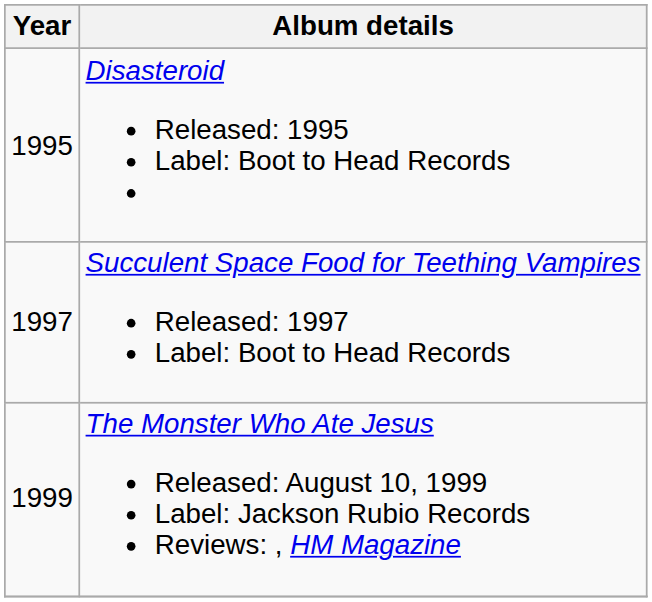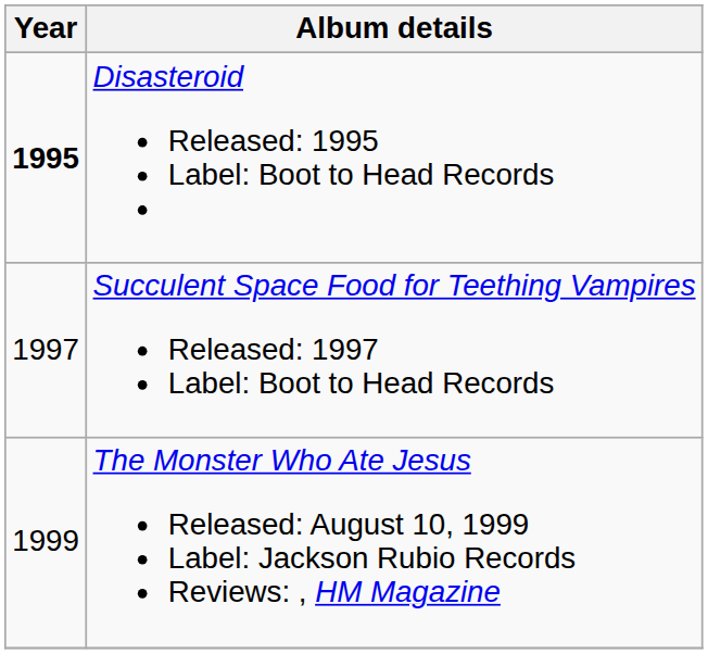 <table class="wikitable">
 <tr>
 <th>Year</th>
 <th>Album details</th>
 </tr>
 <tr>
-<td align="center">1995</td>
+<td align="center"><strong>1995</strong></td>
 <td><em><a href='#'>Disasteroid</a></em><br><ul><li>Released: 1995</li><li>Label: Boot to Head Records</li><li></li></ul></td>
 </tr>
 <tr>
 <td align="center">1997</td>
 <td><em><a href='#'>Succulent Space Food for Teething Vampires</a></em><br><ul><li>Released: 1997</li><li>Label: Boot to Head Records</li></ul></td>
 </tr>
 <tr>
 <td align="center">1999</td>
 <td><em><a href='#'>The Monster Who Ate Jesus</a></em><br><ul><li>Released: August 10, 1999</li><li>Label: Jackson Rubio Records</li><li>Reviews: , <em><a href='#'>HM Magazine</a></em></li></ul></td>
 </tr>
 <tr>
 </tr>
 </table>
